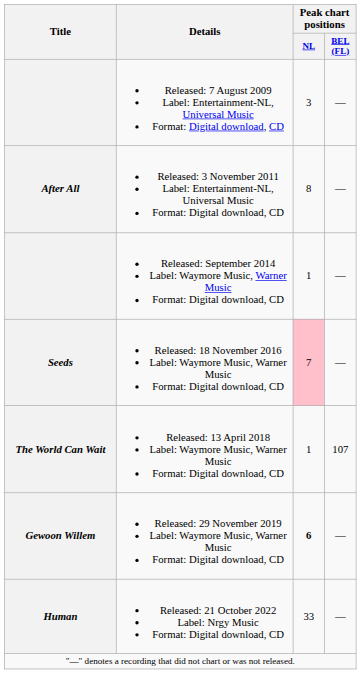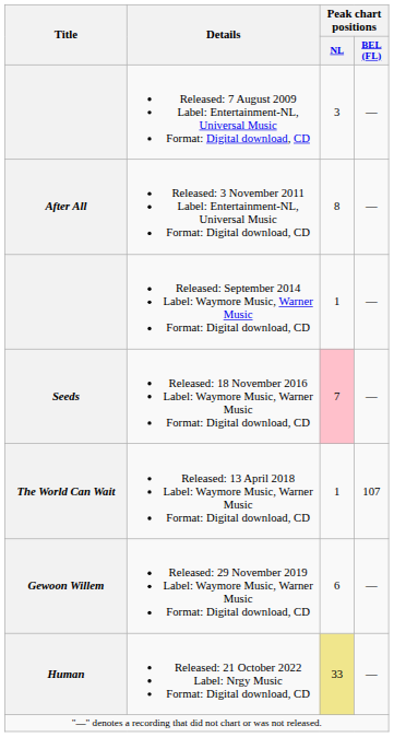 <table class="wikitable plainrowheaders" style="text-align:center;">
 <tr>
 <th scope="col" rowspan="2" style="width:10em;">Title</th>
 <th scope="col" rowspan="2" style="width:16em;">Details</th>
 <th scope="col" colspan="2">Peak chart positions</th>
 </tr>
 <tr>
 <th scope="col" style="width:3em;font-size:85%;"><a href='#'>NL</a><br></th>
 <th scope="col" style="width:3em;font-size:85%;"><a href='#'>BEL<br>(FL)</a><br></th>
 </tr>
 <tr>
 <th scope="row"><em></em></th>
 <td><br><ul><li>Released: 7 August 2009</li><li>Label: Entertainment-NL, <a href='#'>Universal Music</a></li><li>Format: <a href='#'>Digital download</a>, <a href='#'>CD</a></li></ul></td>
 <td>3</td>
 <td>—</td>
 </tr>
 <tr>
 <th scope="row"><em>After All</em></th>
 <td><br><ul><li>Released: 3 November 2011</li><li>Label: Entertainment-NL, Universal Music</li><li>Format: Digital download, CD</li></ul></td>
 <td>8</td>
 <td>—</td>
 </tr>
 <tr>
 <th scope="row"><em></em></th>
 <td><br><ul><li>Released: September 2014</li><li>Label: Waymore Music, <a href='#'>Warner Music</a></li><li>Format: Digital download, CD</li></ul></td>
 <td>1</td>
 <td>—</td>
 </tr>
 <tr>
 <th scope="row"><em>Seeds</em></th>
 <td><br><ul><li>Released: 18 November 2016</li><li>Label: Waymore Music, Warner Music</li><li>Format: Digital download, CD</li></ul></td>
 <td style="background: pink;">7</td>
 <td>—</td>
 </tr>
 <tr>
 <th scope="row"><em>The World Can Wait</em></th>
 <td><br><ul><li>Released: 13 April 2018</li><li>Label: Waymore Music, Warner Music</li><li>Format: Digital download, CD</li></ul></td>
 <td>1</td>
 <td>107</td>
 </tr>
 <tr>
 <th scope="row"><em>Gewoon Willem</em></th>
 <td><br><ul><li>Released: 29 November 2019</li><li>Label: Waymore Music, Warner Music</li><li>Format: Digital download, CD</li></ul></td>
-<td><strong>6</strong></td>
+<td>6</td>
 <td>—</td>
 </tr>
 <tr>
 <th scope="row"><em>Human</em></th>
 <td><br><ul><li>Released: 21 October 2022</li><li>Label: Nrgy Music</li><li>Format: Digital download, CD</li></ul></td>
-<td>33</td>
+<td style="background: khaki;">33</td>
 <td>—</td>
 </tr>
 <tr>
 <td colspan="20" style="font-size:85%;">"—" denotes a recording that did not chart or was not released.</td>
 </tr>
 </table>
